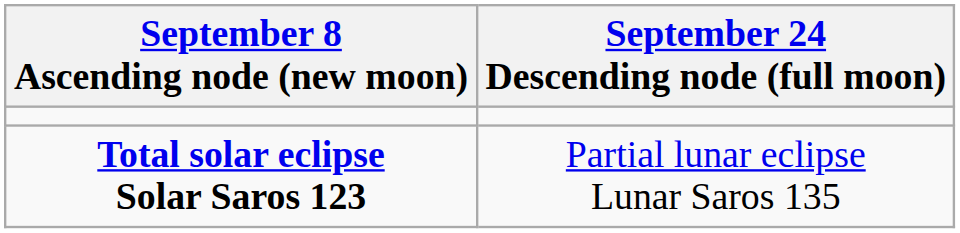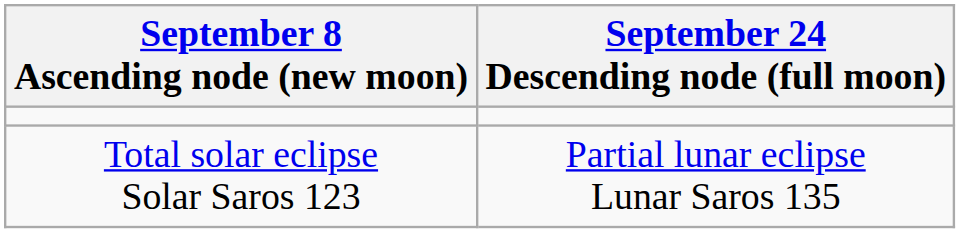 <table class="wikitable">
 <tr>
 <th><a href='#'>September 8</a><br>Ascending node (new moon)<br></th>
 <th><a href='#'>September 24</a><br>Descending node (full moon)<br></th>
 </tr>
 <tr>
 <td></td>
 <td></td>
 </tr>
 <tr align=center>
-<td><strong><a href='#'>Total solar eclipse</a><br>Solar Saros 123</strong></td>
+<td><a href='#'>Total solar eclipse</a><br>Solar Saros 123</td>
 <td><a href='#'>Partial lunar eclipse</a><br>Lunar Saros 135</td>
 </tr>
 </table>
